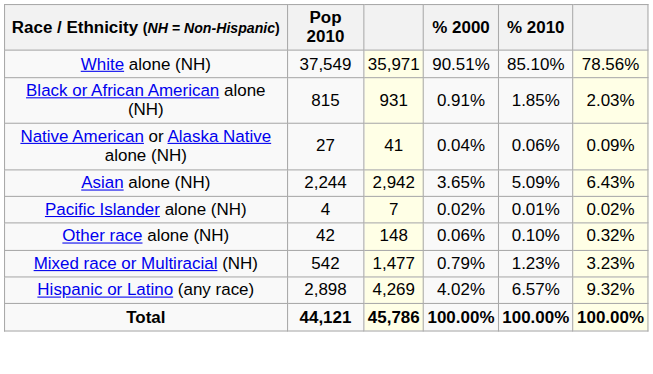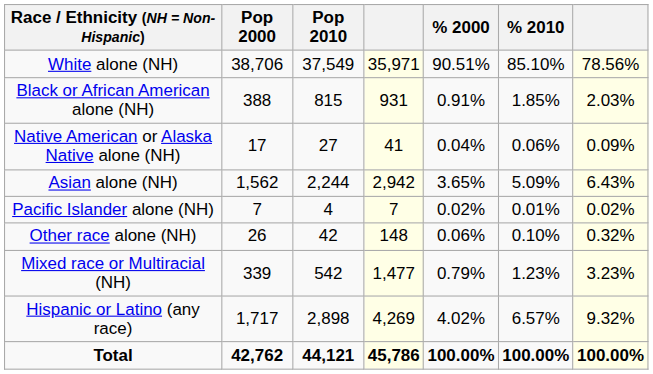 <table class="wikitable" style="text-align:center;">
 <tr>
 <th>Race / Ethnicity <small>(<em>NH = Non-Hispanic</em>)</small></th>
+<th>Pop 2000</th>
 <th>Pop 2010</th>
 <th></th>
 <th>% 2000</th>
 <th>% 2010</th>
 <th></th>
 </tr>
 <tr>
 <td><a href='#'>White</a> alone (NH)</td>
+<td>38,706</td>
 <td>37,549</td>
 <td style='background: #ffffe6;'>35,971</td>
 <td>90.51%</td>
 <td>85.10%</td>
 <td style='background: #ffffe6;'>78.56%</td>
 </tr>
 <tr>
 <td><a href='#'>Black or African American</a> alone (NH)</td>
+<td>388</td>
 <td>815</td>
 <td style='background: #ffffe6;'>931</td>
 <td>0.91%</td>
 <td>1.85%</td>
 <td style='background: #ffffe6;'>2.03%</td>
 </tr>
 <tr>
 <td><a href='#'>Native American</a> or <a href='#'>Alaska Native</a> alone (NH)</td>
+<td>17</td>
 <td>27</td>
 <td style='background: #ffffe6;'>41</td>
 <td>0.04%</td>
 <td>0.06%</td>
 <td style='background: #ffffe6;'>0.09%</td>
 </tr>
 <tr>
 <td><a href='#'>Asian</a> alone (NH)</td>
+<td>1,562</td>
 <td>2,244</td>
 <td style='background: #ffffe6;'>2,942</td>
 <td>3.65%</td>
 <td>5.09%</td>
 <td style='background: #ffffe6;'>6.43%</td>
 </tr>
 <tr>
 <td><a href='#'>Pacific Islander</a> alone (NH)</td>
+<td>7</td>
 <td>4</td>
 <td style='background: #ffffe6;'>7</td>
 <td>0.02%</td>
 <td>0.01%</td>
 <td style='background: #ffffe6;'>0.02%</td>
 </tr>
 <tr>
 <td><a href='#'>Other race</a> alone (NH)</td>
+<td>26</td>
 <td>42</td>
 <td style='background: #ffffe6;'>148</td>
 <td>0.06%</td>
 <td>0.10%</td>
 <td style='background: #ffffe6;'>0.32%</td>
 </tr>
 <tr>
 <td><a href='#'>Mixed race or Multiracial</a> (NH)</td>
+<td>339</td>
 <td>542</td>
 <td style='background: #ffffe6;'>1,477</td>
 <td>0.79%</td>
 <td>1.23%</td>
 <td style='background: #ffffe6;'>3.23%</td>
 </tr>
 <tr>
 <td><a href='#'>Hispanic or Latino</a> (any race)</td>
+<td>1,717</td>
 <td>2,898</td>
 <td style='background: #ffffe6;'>4,269</td>
 <td>4.02%</td>
 <td>6.57%</td>
 <td style='background: #ffffe6;'>9.32%</td>
 </tr>
 <tr>
 <td><strong>Total</strong></td>
+<td><strong>42,762</strong></td>
 <td><strong>44,121</strong></td>
 <td style='background: #ffffe6;'><strong>45,786</strong></td>
 <td><strong>100.00%</strong></td>
 <td><strong>100.00%</strong></td>
 <td style='background: #ffffe6;'><strong>100.00%</strong></td>
 </tr>
 </table>
